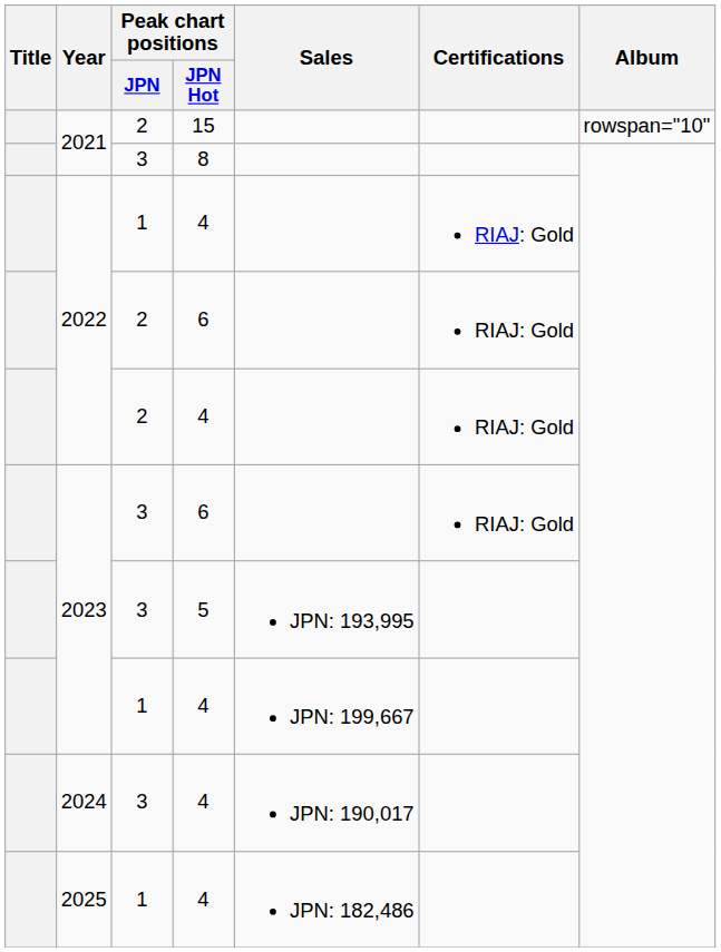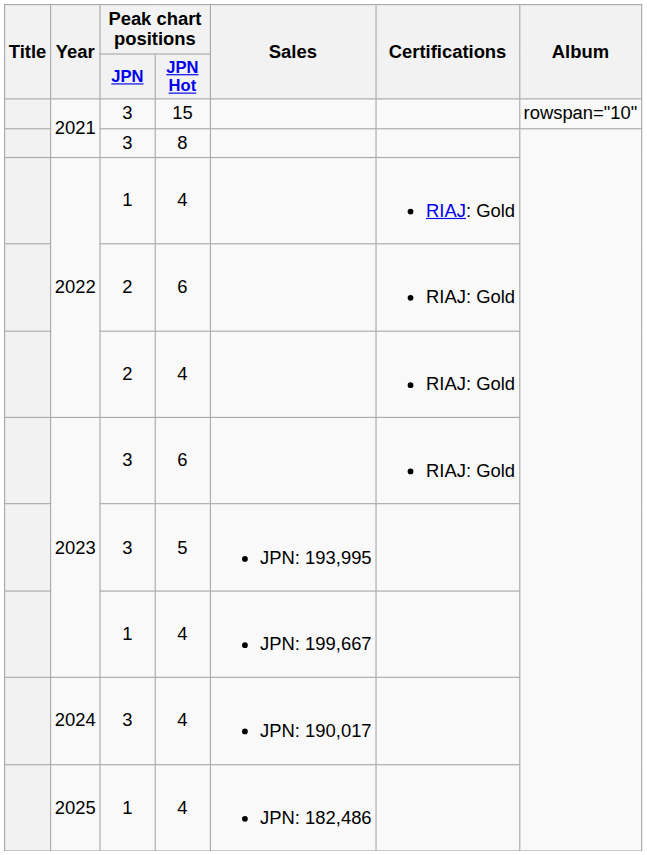 <table class="wikitable plainrowheaders" style="text-align:center;">
 <tr>
 <th scope="col" rowspan="2">Title</th>
 <th scope="col" rowspan="2">Year</th>
 <th scope="col" colspan="2">Peak chart positions</th>
 <th rowspan="2">Sales</th>
 <th rowspan="2" scope="col">Certifications</th>
 <th scope="col" rowspan="2">Album</th>
 </tr>
 <tr>
 <th scope="col" style="font-size:90%; width:2.85em"><a href='#'>JPN</a><br></th>
 <th scope="col" style="font-size:90%; width:2.85em"><a href='#'>JPN Hot</a><br></th>
 </tr>
 <tr>
 <th scope="row"></th>
 <td rowspan="2">2021</td>
-<td>2</td>
+<td>3</td>
 <td>15</td>
 <td></td>
 <td></td>
 <td>rowspan="10" </td>
 </tr>
 <tr>
 <th scope="row"></th>
 <td>3</td>
 <td>8</td>
 <td></td>
 <td></td>
 </tr>
 <tr>
 <th scope="row"></th>
 <td rowspan="3">2022</td>
 <td>1</td>
 <td>4</td>
 <td></td>
 <td><br><ul><li><a href='#'>RIAJ</a>: Gold</li></ul></td>
 </tr>
 <tr>
 <th scope="row"></th>
 <td>2</td>
 <td>6</td>
 <td></td>
 <td><br><ul><li>RIAJ: Gold</li></ul></td>
 </tr>
 <tr>
 <th scope="row"></th>
 <td>2</td>
 <td>4</td>
 <td></td>
 <td><br><ul><li>RIAJ: Gold</li></ul></td>
 </tr>
 <tr>
 <th scope="row"></th>
 <td rowspan="3">2023</td>
 <td>3</td>
 <td>6</td>
 <td></td>
 <td><br><ul><li>RIAJ: Gold</li></ul></td>
 </tr>
 <tr>
 <th scope="row"></th>
 <td>3</td>
 <td>5</td>
 <td><br><ul><li>JPN: 193,995 </li></ul></td>
 <td></td>
 </tr>
 <tr>
 <th scope="row"></th>
 <td>1</td>
 <td>4</td>
 <td><br><ul><li>JPN: 199,667 </li></ul></td>
 <td></td>
 </tr>
 <tr>
 <th scope="row"></th>
 <td>2024</td>
 <td>3</td>
 <td>4</td>
 <td><br><ul><li>JPN: 190,017 </li></ul></td>
 <td></td>
 </tr>
 <tr>
 <th scope="row"></th>
 <td>2025</td>
 <td>1</td>
 <td>4</td>
 <td><br><ul><li>JPN: 182,486 </li></ul></td>
 <td></td>
 </tr>
 </table>
